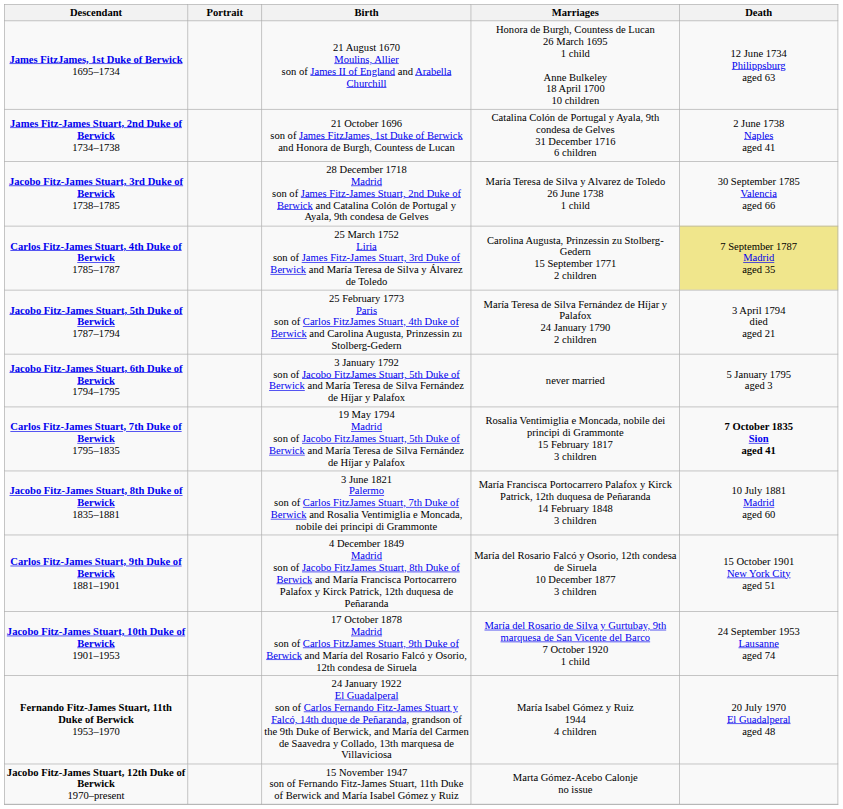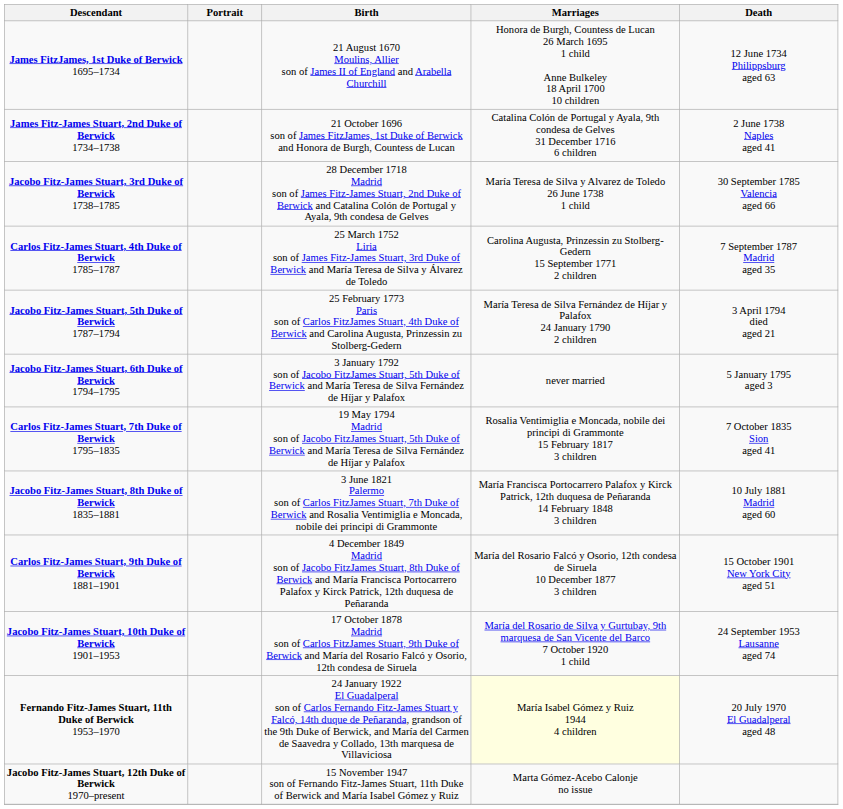 <table style="text-align:center; width:100%" class="wikitable">
 <tr>
 <th width=22%>Descendant</th>
 <th width=105px>Portrait</th>
 <th>Birth</th>
 <th width=25%>Marriages</th>
 <th width=19%>Death</th>
 </tr>
 <tr>
 <td><strong><a href='#'>James FitzJames, 1st Duke of Berwick</a></strong><br>1695–1734</td>
 <td></td>
 <td>21 August 1670<br><a href='#'>Moulins, Allier</a><br>son of <a href='#'>James II of England</a> and <a href='#'>Arabella Churchill</a></td>
 <td>Honora de Burgh, Countess de Lucan<br>26 March 1695<br>1 child<br><br>Anne Bulkeley<br>18 April 1700<br>10 children</td>
 <td>12 June 1734<br><a href='#'>Philippsburg</a><br>aged 63</td>
 </tr>
 <tr>
 <td><strong><a href='#'>James Fitz-James Stuart, 2nd Duke of Berwick</a></strong><br>1734–1738</td>
 <td></td>
 <td>21 October 1696<br>son of <a href='#'>James FitzJames, 1st Duke of Berwick</a> and Honora de Burgh, Countess de Lucan</td>
 <td>Catalina Colón de Portugal y Ayala, 9th condesa de Gelves<br>31 December 1716<br>6 children</td>
 <td>2 June 1738<br><a href='#'>Naples</a><br>aged 41</td>
 </tr>
 <tr>
 <td><strong><a href='#'>Jacobo Fitz-James Stuart, 3rd Duke of Berwick</a></strong><br>1738–1785</td>
 <td></td>
 <td>28 December 1718<br><a href='#'>Madrid</a><br>son of <a href='#'>James Fitz-James Stuart, 2nd Duke of Berwick</a> and Catalina Colón de Portugal y Ayala, 9th condesa de Gelves</td>
 <td>María Teresa de Silva y Alvarez de Toledo<br>26 June 1738<br>1 child</td>
 <td>30 September 1785<br><a href='#'>Valencia</a><br>aged 66</td>
 </tr>
 <tr>
 <td><strong><a href='#'>Carlos Fitz-James Stuart, 4th Duke of Berwick</a></strong><br>1785–1787</td>
 <td></td>
 <td>25 March 1752<br><a href='#'>Liria</a><br>son of <a href='#'>James Fitz-James Stuart, 3rd Duke of Berwick</a> and María Teresa de Silva y Álvarez de Toledo</td>
 <td>Carolina Augusta, Prinzessin zu Stolberg-Gedern<br>15 September 1771<br>2 children</td>
-<td style="background: khaki;">7 September 1787<br><a href='#'>Madrid</a><br>aged 35</td>
+<td>7 September 1787<br><a href='#'>Madrid</a><br>aged 35</td>
 </tr>
 <tr>
 <td><strong><a href='#'>Jacobo Fitz-James Stuart, 5th Duke of Berwick</a></strong><br>1787–1794</td>
 <td></td>
 <td>25 February 1773<br><a href='#'>Paris</a><br>son of <a href='#'>Carlos FitzJames Stuart, 4th Duke of Berwick</a> and Carolina Augusta, Prinzessin zu Stolberg-Gedern</td>
 <td>María Teresa de Silva Fernández de Híjar y Palafox<br>24 January 1790<br>2 children</td>
 <td>3 April 1794<br>died<br>aged 21</td>
 </tr>
 <tr>
 <td><strong><a href='#'>Jacobo Fitz-James Stuart, 6th Duke of Berwick</a></strong><br>1794–1795</td>
 <td></td>
 <td>3 January 1792<br>son of <a href='#'>Jacobo FitzJames Stuart, 5th Duke of Berwick</a> and María Teresa de Silva Fernández de Híjar y Palafox</td>
 <td>never married</td>
 <td>5 January 1795<br>aged 3</td>
 </tr>
 <tr>
 <td><strong><a href='#'>Carlos Fitz-James Stuart, 7th Duke of Berwick</a></strong><br>1795–1835</td>
 <td></td>
 <td>19 May 1794<br><a href='#'>Madrid</a><br>son of <a href='#'>Jacobo FitzJames Stuart, 5th Duke of Berwick</a> and María Teresa de Silva Fernández de Híjar y Palafox</td>
 <td>Rosalia Ventimiglia e Moncada, nobile dei principi di Grammonte <br>15 February 1817<br>3 children</td>
-<td><strong>7 October 1835<br><a href='#'>Sion</a><br>aged 41</strong></td>
+<td>7 October 1835<br><a href='#'>Sion</a><br>aged 41</td>
 </tr>
 <tr>
 <td><strong><a href='#'>Jacobo Fitz-James Stuart, 8th Duke of Berwick</a></strong><br>1835–1881</td>
 <td></td>
 <td>3 June 1821<br><a href='#'>Palermo</a><br>son of <a href='#'>Carlos FitzJames Stuart, 7th Duke of Berwick</a> and Rosalia Ventimiglia e Moncada, nobile dei principi di Grammonte</td>
 <td>María Francisca Portocarrero Palafox y Kirck Patrick, 12th duquesa de Peñaranda<br>14 February 1848<br>3 children</td>
 <td>10 July 1881<br><a href='#'>Madrid</a><br>aged 60</td>
 </tr>
 <tr>
 <td><strong><a href='#'>Carlos Fitz-James Stuart, 9th Duke of Berwick</a></strong><br>1881–1901</td>
 <td></td>
 <td>4 December 1849<br><a href='#'>Madrid</a><br>son of <a href='#'>Jacobo FitzJames Stuart, 8th Duke of Berwick</a> and María Francisca Portocarrero Palafox y Kirck Patrick, 12th duquesa de Peñaranda</td>
 <td>María del Rosario Falcó y Osorio, 12th condesa de Siruela<br>10 December 1877<br>3 children</td>
 <td>15 October 1901<br><a href='#'>New York City</a><br>aged 51</td>
 </tr>
 <tr>
 <td><strong><a href='#'>Jacobo Fitz-James Stuart, 10th Duke of Berwick</a></strong><br>1901–1953</td>
 <td></td>
 <td>17 October 1878<br><a href='#'>Madrid</a><br>son of <a href='#'>Carlos FitzJames Stuart, 9th Duke of Berwick</a> and María del Rosario Falcó y Osorio, 12th condesa de Siruela</td>
 <td><a href='#'>María del Rosario de Silva y Gurtubay, 9th marquesa de San Vicente del Barco</a><br>7 October 1920 <br>1 child</td>
 <td>24 September 1953<br><a href='#'>Lausanne</a><br>aged 74</td>
 </tr>
 <tr>
 <td><strong>Fernando Fitz-James Stuart, 11th Duke of Berwick</strong><br>1953–1970</td>
 <td></td>
 <td>24 January 1922<br><a href='#'>El Guadalperal</a><br>son of <a href='#'>Carlos Fernando Fitz-James Stuart y Falcó, 14th duque de Peñaranda</a>, grandson of the 9th Duke of Berwick, and María del Carmen de Saavedra y Collado, 13th marquesa de Villaviciosa</td>
-<td>María Isabel Gómez y Ruiz <br>1944<br>4 children</td>
+<td style="background: lightyellow;">María Isabel Gómez y Ruiz <br>1944<br>4 children</td>
 <td>20 July 1970<br><a href='#'>El Guadalperal</a><br>aged 48</td>
 </tr>
 <tr>
 <td><strong>Jacobo Fitz-James Stuart, 12th Duke of Berwick</strong><br>1970–present</td>
 <td></td>
 <td>15 November 1947<br>son of Fernando Fitz-James Stuart, 11th Duke of Berwick and María Isabel Gómez y Ruiz</td>
 <td>Marta Gómez-Acebo Calonje <br>no issue</td>
 <td></td>
 </tr>
 <tr>
 </tr>
 </table>
